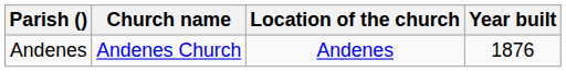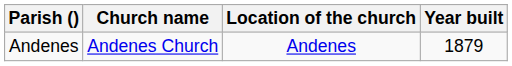 <table class="wikitable" style="text-align:center">
 <tr>
 <th>Parish ()</th>
 <th>Church name</th>
 <th>Location of the church</th>
 <th>Year built</th>
 </tr>
 <tr>
 <td rowspan="1">Andenes</td>
 <td><a href='#'>Andenes Church</a></td>
 <td><a href='#'>Andenes</a></td>
-<td>1876</td>
+<td>1879</td>
 </tr>
 </table>
